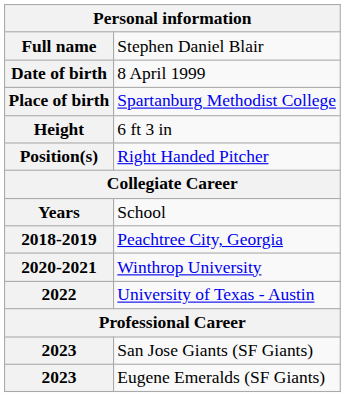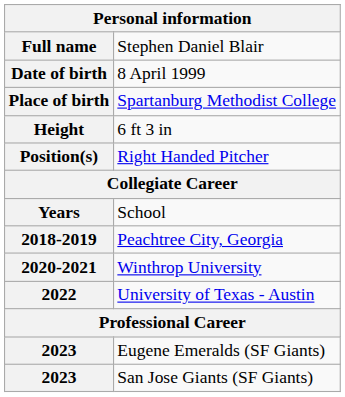 <table class="wikitable">
 <tr>
 <th colspan="2">Personal information</th>
 </tr>
 <tr>
 <th>Full name</th>
 <td>Stephen Daniel Blair</td>
 </tr>
 <tr>
 <th>Date of birth</th>
 <td>8 April 1999</td>
 </tr>
 <tr>
 <th>Place of birth</th>
 <td><a href='#'>Spartanburg Methodist College</a></td>
 </tr>
 <tr>
 <th>Height</th>
 <td>6 ft 3 in</td>
 </tr>
 <tr>
 <th>Position(s)</th>
 <td><a href='#'>Right Handed Pitcher</a></td>
 </tr>
 <tr>
 <th colspan="2">Collegiate Career</th>
 </tr>
 <tr>
 <th>Years</th>
 <td>School</td>
 </tr>
 <tr>
 <th>2018-2019</th>
 <td><a href='#'>Peachtree City, Georgia</a></td>
 </tr>
 <tr>
 <th>2020-2021</th>
 <td><a href='#'>Winthrop University</a></td>
 </tr>
 <tr>
 <th>2022</th>
 <td><a href='#'>University of Texas - Austin</a></td>
 </tr>
 <tr>
 <th colspan="2">Professional Career</th>
 </tr>
 <tr>
 <th>2023</th>
-<td>San Jose Giants (SF Giants)</td>
+<td>Eugene Emeralds (SF Giants)</td>
 </tr>
 <tr>
 <th>2023</th>
-<td>Eugene Emeralds (SF Giants)</td>
+<td>San Jose Giants (SF Giants)</td>
 </tr>
 </table>
